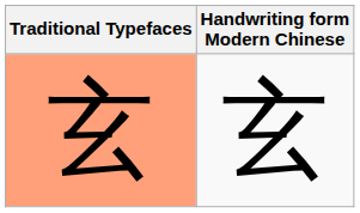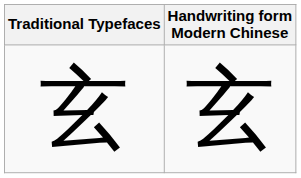 <table class="wikitable" style="text-align:center;">
 <tr>
 <th>Traditional Typefaces</th>
 <th>Handwriting form<br>Modern Chinese</th>
 </tr>
 <tr style="font-size:6em;font-family:serif;line-height:100%;">
-<td lang="ja" style="background: lightsalmon;">玄</td>
+<td lang="ja">玄</td>
 <td lang="zh">玄</td>
 </tr>
 </table>
